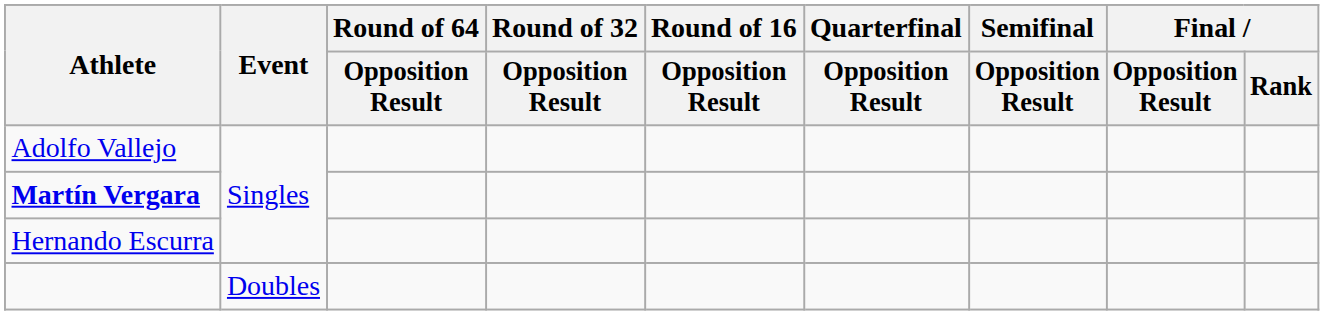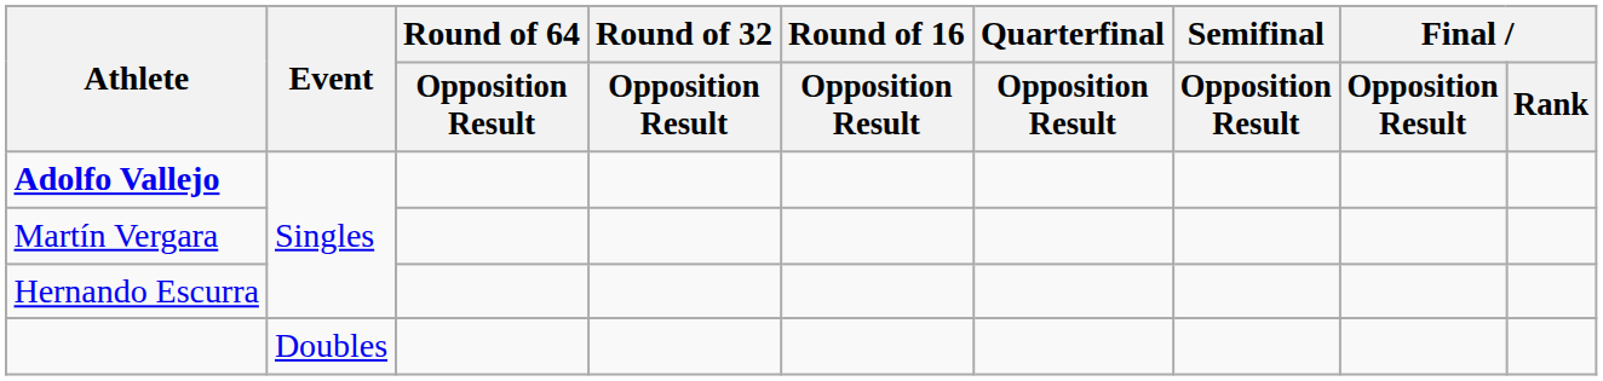 <table class=wikitable style=font-size:90%;text-align:center>
 <tr>
 <th rowspan=2>Athlete</th>
 <th rowspan=2>Event</th>
 <th>Round of 64</th>
 <th>Round of 32</th>
 <th>Round of 16</th>
 <th>Quarterfinal</th>
 <th>Semifinal</th>
 <th colspan=2>Final / </th>
 </tr>
 <tr style=font-size:95%>
 <th>Opposition<br>Result</th>
 <th>Opposition<br>Result</th>
 <th>Opposition<br>Result</th>
 <th>Opposition<br>Result</th>
 <th>Opposition<br>Result</th>
 <th>Opposition<br>Result</th>
 <th>Rank</th>
 </tr>
 <tr>
-<td align=left><a href='#'>Adolfo Vallejo</a></td>
+<td align=left><strong><a href='#'>Adolfo Vallejo</a></strong></td>
 <td align=left rowspan=3><a href='#'>Singles</a></td>
 <td></td>
 <td></td>
 <td></td>
 <td></td>
 <td></td>
 <td></td>
 <td></td>
 </tr>
 <tr>
-<td align=left><strong><a href='#'>Martín Vergara</a></strong></td>
+<td align=left><a href='#'>Martín Vergara</a></td>
 <td></td>
 <td></td>
 <td></td>
 <td></td>
 <td></td>
 <td></td>
 <td></td>
 </tr>
 <tr>
 <td align=left><a href='#'>Hernando Escurra</a></td>
 <td></td>
 <td></td>
 <td></td>
 <td></td>
 <td></td>
 <td></td>
 <td></td>
 </tr>
 <tr>
 <td align=left></td>
 <td align=left><a href='#'>Doubles</a></td>
 <td></td>
 <td></td>
 <td></td>
 <td></td>
 <td></td>
 <td></td>
 </tr>
 </table>
